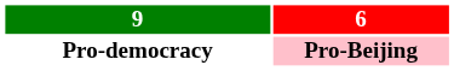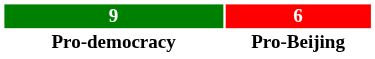 <table style="width:50%; text-align:center;">
 <tr style="color:white;">
 <td style="background:green; width:60%;"><strong>9</strong></td>
 <td style="background:red; width:40%;"><strong>6</strong></td>
 </tr>
 <tr>
 <td><span><strong>Pro-democracy</strong></span></td>
-<td style="background: pink;"><span><strong>Pro-Beijing</strong></span></td>
+<td><span><strong>Pro-Beijing</strong></span></td>
 </tr>
 <tr>
 </tr>
 </table>
